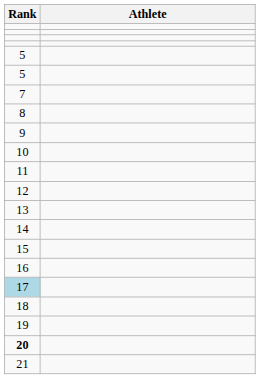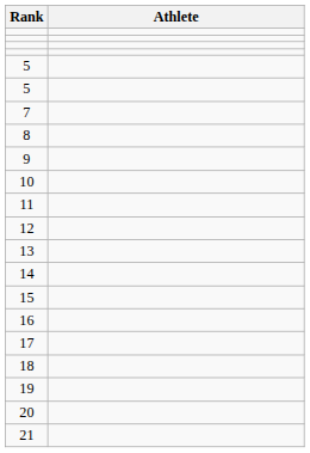 <table class="wikitable" style="text-align: center;">
 <tr>
 <th width=40>Rank</th>
 <th width=275>Athlete</th>
 </tr>
 <tr>
 <td></td>
 <td align="left"></td>
 </tr>
 <tr>
 <td></td>
 <td align="left"></td>
 </tr>
 <tr>
 <td></td>
 <td align="left"></td>
 </tr>
 <tr>
 <td></td>
 <td align="left"></td>
 </tr>
 <tr>
 <td>5</td>
 <td align="left"></td>
 </tr>
 <tr>
 <td>5</td>
 <td align="left"></td>
 </tr>
 <tr>
 <td>7</td>
 <td align="left"></td>
 </tr>
 <tr>
 <td>8</td>
 <td align="left"></td>
 </tr>
 <tr>
 <td>9</td>
 <td align="left"></td>
 </tr>
 <tr>
 <td>10</td>
 <td align="left"></td>
 </tr>
 <tr>
 <td>11</td>
 <td align="left"></td>
 </tr>
 <tr>
 <td>12</td>
 <td align="left"></td>
 </tr>
 <tr>
 <td>13</td>
 <td align="left"></td>
 </tr>
 <tr>
 <td>14</td>
 <td align="left"></td>
 </tr>
 <tr>
 <td>15</td>
 <td align="left"></td>
 </tr>
 <tr>
 <td>16</td>
 <td align="left"></td>
 </tr>
 <tr>
-<td style="background: lightblue;">17</td>
+<td>17</td>
 <td align="left"></td>
 </tr>
 <tr>
 <td>18</td>
 <td align="left"></td>
 </tr>
 <tr>
 <td>19</td>
 <td align="left"></td>
 </tr>
 <tr>
-<td><strong>20</strong></td>
+<td>20</td>
 <td align="left"></td>
 </tr>
 <tr>
 <td>21</td>
 <td align="left"></td>
 </tr>
 </table>
